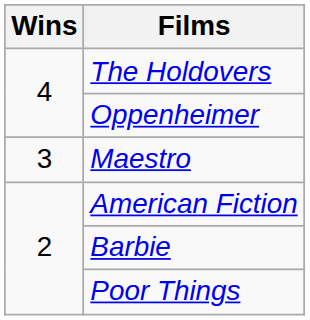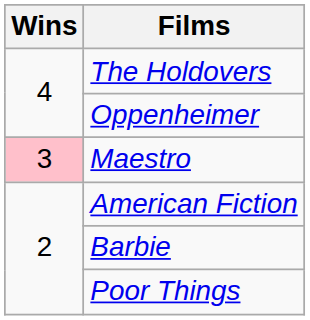 <table class="wikitable">
 <tr>
 <th>Wins</th>
 <th>Films</th>
 </tr>
 <tr>
 <td rowspan="2" style="text-align:center">4</td>
 <td><em><a href='#'>The Holdovers</a></em></td>
 </tr>
 <tr>
 <td><em><a href='#'>Oppenheimer</a></em></td>
 </tr>
 <tr>
-<td style="text-align:center">3</td>
+<td style="background: pink; text-align:center">3</td>
 <td><em><a href='#'>Maestro</a></em></td>
 </tr>
 <tr>
 <td rowspan="3" style="text-align:center">2</td>
 <td><em><a href='#'>American Fiction</a></em></td>
 </tr>
 <tr>
 <td><em><a href='#'>Barbie</a></em></td>
 </tr>
 <tr>
 <td><em><a href='#'>Poor Things</a></em></td>
 </tr>
 </table>
